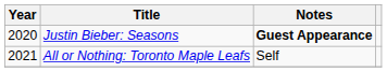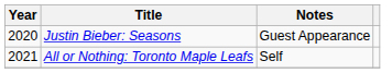 <table class="wikitable sortable">
 <tr>
 <th scope="col">Year</th>
 <th scope="col">Title</th>
 <th scope="col">Notes</th>
 <th scope="col" class="unsortable"></th>
 </tr>
 <tr>
 <td>2020</td>
 <td><em><a href='#'>Justin Bieber: Seasons</a></em></td>
-<td><strong>Guest Appearance</strong></td>
+<td>Guest Appearance</td>
 <td></td>
 </tr>
 <tr>
 <td>2021</td>
 <td><em><a href='#'>All or Nothing: Toronto Maple Leafs</a></em></td>
 <td>Self</td>
 <td></td>
 </tr>
 <tr>
 </tr>
 </table>
